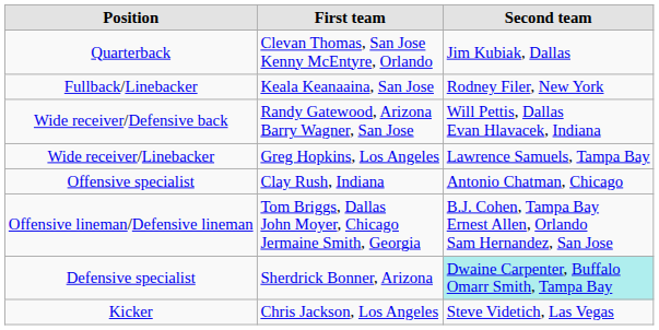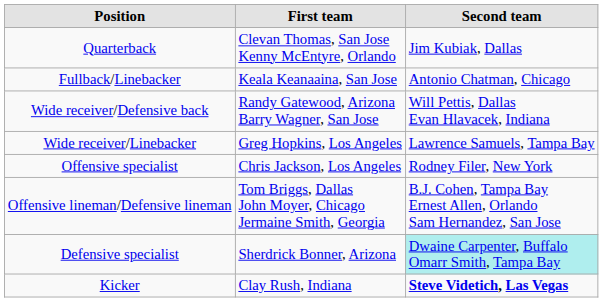 <table class="wikitable">
 <tr>
 <th style="background:#e3e3e3;">Position</th>
 <th style="background:#e3e3e3;">First team</th>
 <th style="background:#e3e3e3;">Second team</th>
 </tr>
 <tr>
 <td align=center><a href='#'>Quarterback</a></td>
 <td><a href='#'>Clevan Thomas</a>, <a href='#'>San Jose</a><br><a href='#'>Kenny McEntyre</a>, <a href='#'>Orlando</a></td>
 <td><a href='#'>Jim Kubiak</a>, <a href='#'>Dallas</a></td>
 </tr>
 <tr>
 <td align=center><a href='#'>Fullback</a>/<a href='#'>Linebacker</a></td>
 <td><a href='#'>Keala Keanaaina</a>, <a href='#'>San Jose</a></td>
-<td><a href='#'>Rodney Filer</a>, <a href='#'>New York</a></td>
+<td><a href='#'>Antonio Chatman</a>, <a href='#'>Chicago</a></td>
 </tr>
 <tr>
 <td align=center><a href='#'>Wide receiver</a>/<a href='#'>Defensive back</a></td>
 <td><a href='#'>Randy Gatewood</a>, <a href='#'>Arizona</a><br><a href='#'>Barry Wagner</a>, <a href='#'>San Jose</a></td>
 <td><a href='#'>Will Pettis</a>, <a href='#'>Dallas</a><br><a href='#'>Evan Hlavacek</a>, <a href='#'>Indiana</a></td>
 </tr>
 <tr>
 <td align=center><a href='#'>Wide receiver</a>/<a href='#'>Linebacker</a></td>
 <td><a href='#'>Greg Hopkins</a>, <a href='#'>Los Angeles</a></td>
 <td><a href='#'>Lawrence Samuels</a>, <a href='#'>Tampa Bay</a></td>
 </tr>
 <tr>
 <td align=center><a href='#'>Offensive specialist</a></td>
-<td><a href='#'>Clay Rush</a>, <a href='#'>Indiana</a></td>
-<td><a href='#'>Antonio Chatman</a>, <a href='#'>Chicago</a></td>
+<td><a href='#'>Chris Jackson</a>, <a href='#'>Los Angeles</a></td>
+<td><a href='#'>Rodney Filer</a>, <a href='#'>New York</a></td>
 </tr>
 <tr>
 <td align=center><a href='#'>Offensive lineman</a>/<a href='#'>Defensive lineman</a></td>
 <td><a href='#'>Tom Briggs</a>, <a href='#'>Dallas</a><br><a href='#'>John Moyer</a>, <a href='#'>Chicago</a><br><a href='#'>Jermaine Smith</a>, <a href='#'>Georgia</a></td>
 <td><a href='#'>B.J. Cohen</a>, <a href='#'>Tampa Bay</a><br><a href='#'>Ernest Allen</a>, <a href='#'>Orlando</a><br><a href='#'>Sam Hernandez</a>, <a href='#'>San Jose</a></td>
 </tr>
 <tr>
 <td align=center><a href='#'>Defensive specialist</a></td>
 <td><a href='#'>Sherdrick Bonner</a>, <a href='#'>Arizona</a></td>
 <td style="background: paleturquoise;"><a href='#'>Dwaine Carpenter</a>, <a href='#'>Buffalo</a><br><a href='#'>Omarr Smith</a>, <a href='#'>Tampa Bay</a></td>
 </tr>
 <tr>
 <td align=center><a href='#'>Kicker</a></td>
-<td><a href='#'>Chris Jackson</a>, <a href='#'>Los Angeles</a></td>
-<td><a href='#'>Steve Videtich</a>, <a href='#'>Las Vegas</a></td>
+<td><a href='#'>Clay Rush</a>, <a href='#'>Indiana</a></td>
+<td><strong><a href='#'>Steve Videtich</a>, <a href='#'>Las Vegas</a></strong></td>
 </tr>
 </table>
